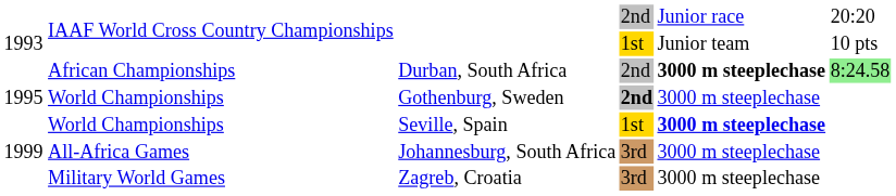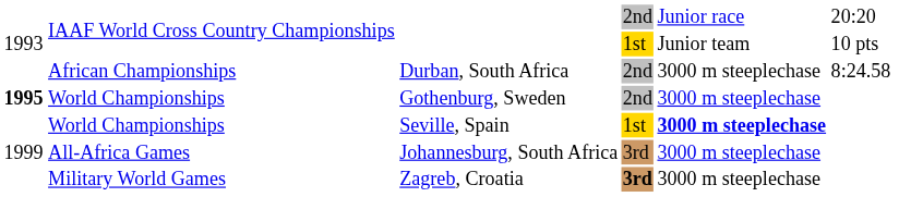 <table>
 <tr>
 <td rowspan=3>1993</td>
 <td rowspan=2><a href='#'>IAAF World Cross Country Championships</a></td>
 <td rowspan=2></td>
 <td bgcolor=silver>2nd</td>
 <td><a href='#'>Junior race</a></td>
 <td>20:20</td>
 </tr>
 <tr>
 <td bgcolor=gold>1st</td>
 <td>Junior team</td>
 <td>10 pts</td>
 </tr>
 <tr>
 <td><a href='#'>African Championships</a></td>
 <td><a href='#'>Durban</a>, South Africa</td>
 <td bgcolor=silver>2nd</td>
-<td><strong>3000 m steeplechase</strong></td>
-<td style="background: lightgreen;">8:24.58</td>
+<td>3000 m steeplechase</td>
+<td>8:24.58</td>
 </tr>
 <tr>
-<td>1995</td>
+<td><strong>1995</strong></td>
 <td><a href='#'>World Championships</a></td>
 <td><a href='#'>Gothenburg</a>, Sweden</td>
-<td bgcolor=silver><strong>2nd</strong></td>
+<td bgcolor=silver>2nd</td>
 <td><a href='#'>3000 m steeplechase</a></td>
 <td></td>
 </tr>
 <tr>
 <td rowspan=3>1999</td>
 <td><a href='#'>World Championships</a></td>
 <td><a href='#'>Seville</a>, Spain</td>
 <td bgcolor=gold>1st</td>
 <td><strong><a href='#'>3000 m steeplechase</a></strong></td>
 <td></td>
 </tr>
 <tr>
 <td><a href='#'>All-Africa Games</a></td>
 <td><a href='#'>Johannesburg</a>, South Africa</td>
 <td bgcolor=cc9966>3rd</td>
 <td><a href='#'>3000 m steeplechase</a></td>
 <td></td>
 </tr>
 <tr>
 <td><a href='#'>Military World Games</a></td>
 <td><a href='#'>Zagreb</a>, Croatia</td>
-<td bgcolor="cc9966">3rd</td>
+<td bgcolor="cc9966"><strong>3rd</strong></td>
 <td>3000 m steeplechase</td>
 <td></td>
 </tr>
 </table>
